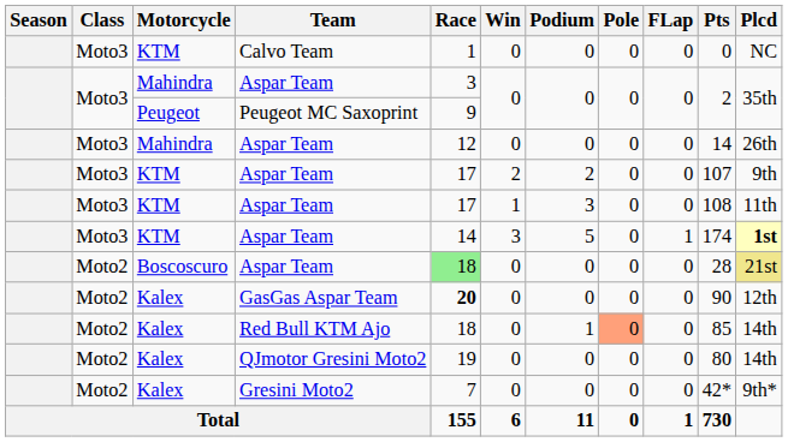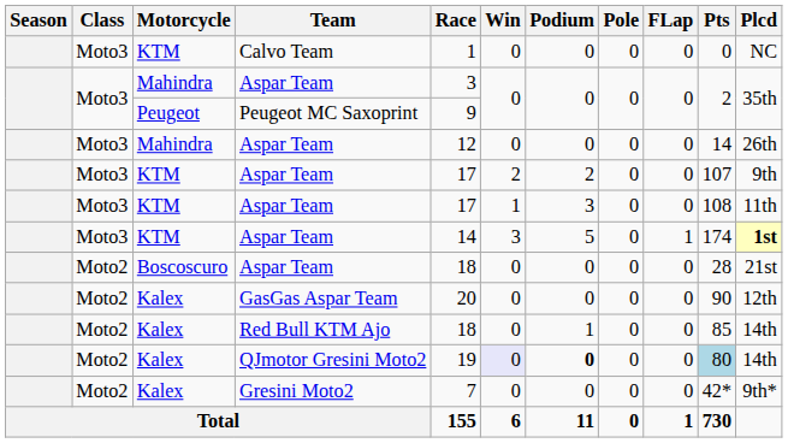 <table class="wikitable" style="text-align:right;">
 <tr>
 <th>Season</th>
 <th>Class</th>
 <th>Motorcycle</th>
 <th>Team</th>
 <th>Race</th>
 <th>Win</th>
 <th>Podium</th>
 <th>Pole</th>
 <th>FLap</th>
 <th>Pts</th>
 <th>Plcd</th>
 </tr>
 <tr>
 <th></th>
 <td>Moto3</td>
 <td style="text-align:left;"><a href='#'>KTM</a></td>
 <td style="text-align:left;">Calvo Team</td>
 <td>1</td>
 <td>0</td>
 <td>0</td>
 <td>0</td>
 <td>0</td>
 <td>0</td>
 <td>NC</td>
 </tr>
 <tr>
 <th rowspan="2"></th>
 <td rowspan="2">Moto3</td>
 <td style="text-align:left;"><a href='#'>Mahindra</a></td>
 <td style="text-align:left;"><a href='#'>Aspar Team</a></td>
 <td>3</td>
 <td rowspan="2">0</td>
 <td rowspan="2">0</td>
 <td rowspan="2">0</td>
 <td rowspan="2">0</td>
 <td rowspan="2">2</td>
 <td rowspan="2">35th</td>
 </tr>
 <tr>
 <td style="text-align:left;"><a href='#'>Peugeot</a></td>
 <td style="text-align:left;">Peugeot MC Saxoprint</td>
 <td>9</td>
 </tr>
 <tr>
 <th></th>
 <td>Moto3</td>
 <td style="text-align:left;"><a href='#'>Mahindra</a></td>
 <td style="text-align:left;"><a href='#'>Aspar Team</a></td>
 <td>12</td>
 <td>0</td>
 <td>0</td>
 <td>0</td>
 <td>0</td>
 <td>14</td>
 <td>26th</td>
 </tr>
 <tr>
 <th></th>
 <td>Moto3</td>
 <td style="text-align:left;"><a href='#'>KTM</a></td>
 <td style="text-align:left;"><a href='#'>Aspar Team</a></td>
 <td>17</td>
 <td>2</td>
 <td>2</td>
 <td>0</td>
 <td>0</td>
 <td>107</td>
 <td>9th</td>
 </tr>
 <tr>
 <th></th>
 <td>Moto3</td>
 <td style="text-align:left;"><a href='#'>KTM</a></td>
 <td style="text-align:left;"><a href='#'>Aspar Team</a></td>
 <td>17</td>
 <td>1</td>
 <td>3</td>
 <td>0</td>
 <td>0</td>
 <td>108</td>
 <td>11th</td>
 </tr>
 <tr>
 <th></th>
 <td>Moto3</td>
 <td style="text-align:left;"><a href='#'>KTM</a></td>
 <td style="text-align:left;"><a href='#'>Aspar Team</a></td>
 <td>14</td>
 <td>3</td>
 <td>5</td>
 <td>0</td>
 <td>1</td>
 <td>174</td>
 <td style="background:#FFFFBF;"><strong>1st</strong></td>
 </tr>
 <tr>
 <th></th>
 <td>Moto2</td>
 <td style="text-align:left;"><a href='#'>Boscoscuro</a></td>
 <td style="text-align:left;"><a href='#'>Aspar Team</a></td>
-<td style="background: lightgreen;">18</td>
+<td>18</td>
 <td>0</td>
 <td>0</td>
 <td>0</td>
 <td>0</td>
 <td>28</td>
-<td style="background: khaki;">21st</td>
+<td>21st</td>
 </tr>
 <tr>
 <th></th>
 <td>Moto2</td>
 <td style="text-align:left;"><a href='#'>Kalex</a></td>
 <td style="text-align:left;"><a href='#'>GasGas Aspar Team</a></td>
-<td><strong>20</strong></td>
+<td>20</td>
 <td>0</td>
 <td>0</td>
 <td>0</td>
 <td>0</td>
 <td>90</td>
 <td>12th</td>
 </tr>
 <tr>
 <th></th>
 <td>Moto2</td>
 <td style="text-align:left;"><a href='#'>Kalex</a></td>
 <td style="text-align:left;"><a href='#'>Red Bull KTM Ajo</a></td>
 <td>18</td>
 <td>0</td>
 <td>1</td>
-<td style="background: lightsalmon;">0</td>
+<td>0</td>
 <td>0</td>
 <td>85</td>
 <td>14th</td>
 </tr>
 <tr>
 <th></th>
 <td>Moto2</td>
 <td style="text-align:left;"><a href='#'>Kalex</a></td>
 <td style="text-align:left;"><a href='#'>QJmotor Gresini Moto2</a></td>
 <td>19</td>
+<td style="background: lavender;">0</td>
+<td><strong>0</strong></td>
 <td>0</td>
 <td>0</td>
-<td>0</td>
-<td>0</td>
-<td>80</td>
+<td style="background: lightblue;">80</td>
 <td>14th</td>
 </tr>
 <tr>
 <th></th>
 <td>Moto2</td>
 <td style="text-align:left;"><a href='#'>Kalex</a></td>
 <td style="text-align:left;"><a href='#'>Gresini Moto2</a></td>
 <td>7</td>
 <td>0</td>
 <td>0</td>
 <td>0</td>
 <td>0</td>
 <td>42*</td>
 <td>9th*</td>
 </tr>
 <tr>
 <th colspan="4">Total</th>
 <td><strong>155</strong></td>
 <td><strong>6</strong></td>
 <td><strong>11</strong></td>
 <td><strong>0</strong></td>
 <td><strong>1</strong></td>
 <td><strong>730</strong></td>
 <td></td>
 </tr>
 </table>
